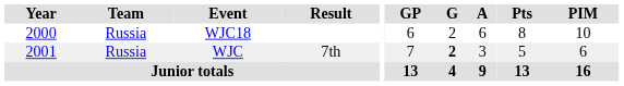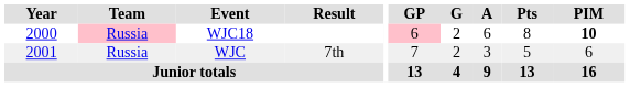 <table border="0" cellpadding="1" cellspacing="0" style="text-align:center; width:40em">
 <tr bgcolor="#e0e0e0">
 <th>Year</th>
 <th>Team</th>
 <th>Event</th>
 <th>Result</th>
 <th rowspan="99" bgcolor="#ffffff"></th>
 <th>GP</th>
 <th>G</th>
 <th>A</th>
 <th>Pts</th>
 <th>PIM</th>
 </tr>
 <tr>
 <td><a href='#'>2000</a></td>
-<td><a href='#'>Russia</a></td>
+<td style="background: pink;"><a href='#'>Russia</a></td>
 <td><a href='#'>WJC18</a></td>
 <td></td>
-<td>6</td>
+<td style="background: pink;">6</td>
 <td>2</td>
 <td>6</td>
 <td>8</td>
-<td>10</td>
+<td><strong>10</strong></td>
 </tr>
 <tr bgcolor="#f0f0f0">
 <td><a href='#'>2001</a></td>
 <td><a href='#'>Russia</a></td>
 <td><a href='#'>WJC</a></td>
 <td>7th</td>
 <td>7</td>
-<td><strong>2</strong></td>
+<td>2</td>
 <td>3</td>
 <td>5</td>
 <td>6</td>
 </tr>
 <tr bgcolor="#e0e0e0">
 <th colspan="4">Junior totals</th>
 <th>13</th>
 <th>4</th>
 <th>9</th>
 <th>13</th>
 <th>16</th>
 </tr>
 </table>
